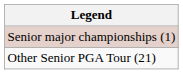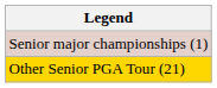 <table class="wikitable" style="font-size:95%;">
 <tr>
 <th>Legend</th>
 </tr>
 <tr style="background:#e5d1cb;">
 <td>Senior major championships (1)</td>
 </tr>
 <tr>
-<td>Other Senior PGA Tour (21)</td>
+<td style="background: gold;">Other Senior PGA Tour (21)</td>
 </tr>
 </table>
